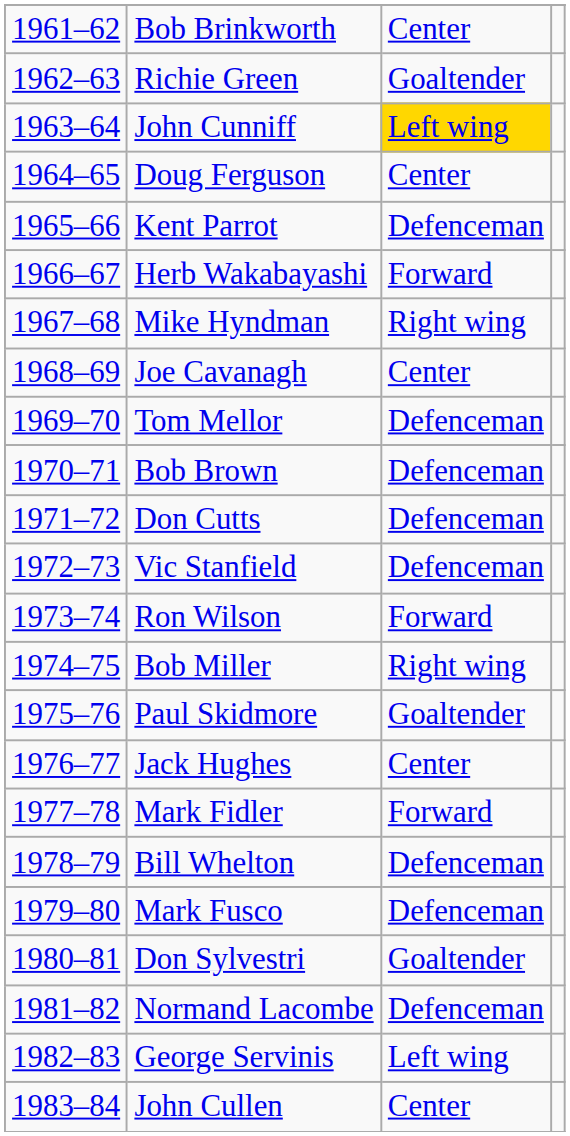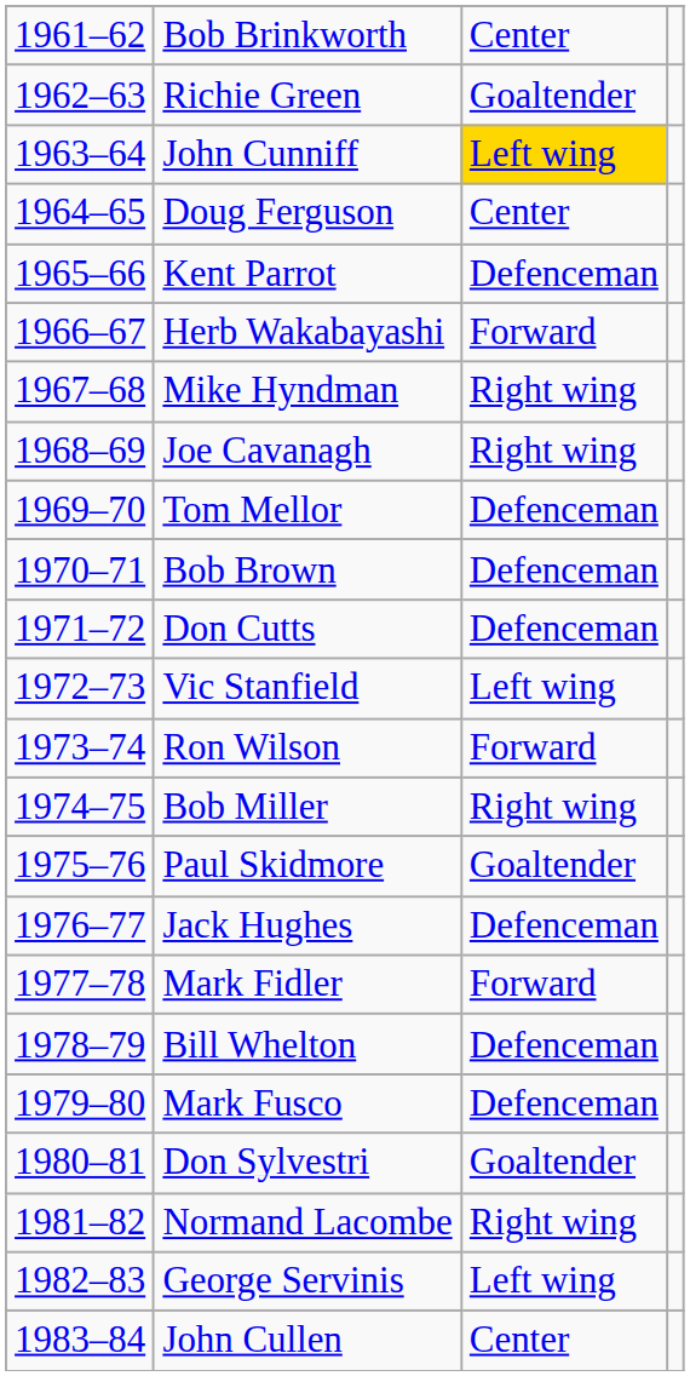 <table class="wikitable sortable">
 <tr>
 </tr>
 <tr>
 <td><a href='#'>1961–62</a></td>
 <td><a href='#'>Bob Brinkworth</a></td>
 <td><a href='#'>Center</a></td>
 <td><strong><a href='#'></a></strong></td>
 </tr>
 <tr>
 <td><a href='#'>1962–63</a></td>
 <td><a href='#'>Richie Green</a></td>
 <td><a href='#'>Goaltender</a></td>
 <td><strong><a href='#'></a></strong></td>
 </tr>
 <tr>
 <td><a href='#'>1963–64</a></td>
 <td><a href='#'>John Cunniff</a></td>
 <td style="background: gold;"><a href='#'>Left wing</a></td>
 <td><strong><a href='#'></a></strong></td>
 </tr>
 <tr>
 <td><a href='#'>1964–65</a></td>
 <td><a href='#'>Doug Ferguson</a></td>
 <td><a href='#'>Center</a></td>
 <td><strong><a href='#'></a></strong></td>
 </tr>
 <tr>
 <td><a href='#'>1965–66</a></td>
 <td><a href='#'>Kent Parrot</a></td>
 <td><a href='#'>Defenceman</a></td>
 <td><strong><a href='#'></a></strong></td>
 </tr>
 <tr>
 <td><a href='#'>1966–67</a></td>
 <td><a href='#'>Herb Wakabayashi</a></td>
 <td><a href='#'>Forward</a></td>
 <td><strong><a href='#'></a></strong></td>
 </tr>
 <tr>
 <td><a href='#'>1967–68</a></td>
 <td><a href='#'>Mike Hyndman</a></td>
 <td><a href='#'>Right wing</a></td>
 <td><strong><a href='#'></a></strong></td>
 </tr>
 <tr>
 <td><a href='#'>1968–69</a></td>
 <td><a href='#'>Joe Cavanagh</a></td>
-<td><a href='#'>Center</a></td>
+<td><a href='#'>Right wing</a></td>
 <td><strong><a href='#'></a></strong></td>
 </tr>
 <tr>
 <td><a href='#'>1969–70</a></td>
 <td><a href='#'>Tom Mellor</a></td>
 <td><a href='#'>Defenceman</a></td>
 <td><strong><a href='#'></a></strong></td>
 </tr>
 <tr>
 <td><a href='#'>1970–71</a></td>
 <td><a href='#'>Bob Brown</a></td>
 <td><a href='#'>Defenceman</a></td>
 <td><strong><a href='#'></a></strong></td>
 </tr>
 <tr>
 <td><a href='#'>1971–72</a></td>
 <td><a href='#'>Don Cutts</a></td>
 <td><a href='#'>Defenceman</a></td>
 <td><strong><a href='#'></a></strong></td>
 </tr>
 <tr>
 <td><a href='#'>1972–73</a></td>
 <td><a href='#'>Vic Stanfield</a></td>
-<td><a href='#'>Defenceman</a></td>
+<td><a href='#'>Left wing</a></td>
 <td><strong><a href='#'></a></strong></td>
 </tr>
 <tr>
 <td><a href='#'>1973–74</a></td>
 <td><a href='#'>Ron Wilson</a></td>
 <td><a href='#'>Forward</a></td>
 <td><strong><a href='#'></a></strong></td>
 </tr>
 <tr>
 <td><a href='#'>1974–75</a></td>
 <td><a href='#'>Bob Miller</a></td>
 <td><a href='#'>Right wing</a></td>
 <td><strong><a href='#'></a></strong></td>
 </tr>
 <tr>
 <td><a href='#'>1975–76</a></td>
 <td><a href='#'>Paul Skidmore</a></td>
 <td><a href='#'>Goaltender</a></td>
 <td><strong><a href='#'></a></strong></td>
 </tr>
 <tr>
 <td><a href='#'>1976–77</a></td>
 <td><a href='#'>Jack Hughes</a></td>
-<td><a href='#'>Center</a></td>
+<td><a href='#'>Defenceman</a></td>
 <td><strong><a href='#'></a></strong></td>
 </tr>
 <tr>
 <td><a href='#'>1977–78</a></td>
 <td><a href='#'>Mark Fidler</a></td>
 <td><a href='#'>Forward</a></td>
 <td><strong><a href='#'></a></strong></td>
 </tr>
 <tr>
 <td><a href='#'>1978–79</a></td>
 <td><a href='#'>Bill Whelton</a></td>
 <td><a href='#'>Defenceman</a></td>
 <td><strong><a href='#'></a></strong></td>
 </tr>
 <tr>
 <td><a href='#'>1979–80</a></td>
 <td><a href='#'>Mark Fusco</a></td>
 <td><a href='#'>Defenceman</a></td>
 <td><strong><a href='#'></a></strong></td>
 </tr>
 <tr>
 <td><a href='#'>1980–81</a></td>
 <td><a href='#'>Don Sylvestri</a></td>
 <td><a href='#'>Goaltender</a></td>
 <td><strong><a href='#'></a></strong></td>
 </tr>
 <tr>
 <td><a href='#'>1981–82</a></td>
 <td><a href='#'>Normand Lacombe</a></td>
-<td><a href='#'>Defenceman</a></td>
+<td><a href='#'>Right wing</a></td>
 <td><strong><a href='#'></a></strong></td>
 </tr>
 <tr>
 <td><a href='#'>1982–83</a></td>
 <td><a href='#'>George Servinis</a></td>
 <td><a href='#'>Left wing</a></td>
 <td><strong><a href='#'></a></strong></td>
 </tr>
 <tr>
 <td><a href='#'>1983–84</a></td>
 <td><a href='#'>John Cullen</a></td>
 <td><a href='#'>Center</a></td>
 <td><strong><a href='#'></a></strong></td>
 </tr>
 <tr>
 </tr>
 </table>
